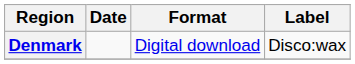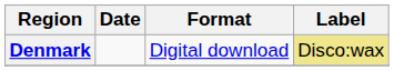 <table class="wikitable sortable plainrowheaders" style="text-align:center">
 <tr>
 <th>Region</th>
 <th>Date</th>
 <th>Format</th>
 <th>Label</th>
 </tr>
 <tr>
 <th scope="row"><a href='#'>Denmark</a></th>
 <td></td>
 <td><a href='#'>Digital download</a></td>
-<td>Disco:wax</td>
+<td style="background: khaki;">Disco:wax</td>
 </tr>
 <tr>
 </tr>
 </table>
